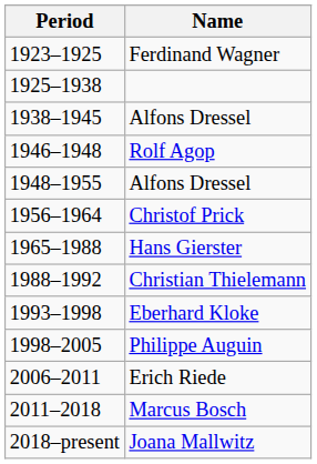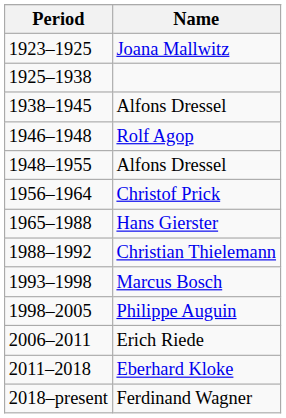 <table class="wikitable">
 <tr>
 </tr>
 <tr class="hintergrundfarbe6">
 <th>Period</th>
 <th>Name</th>
 </tr>
 <tr>
 <td>1923–1925</td>
-<td>Ferdinand Wagner</td>
+<td><a href='#'>Joana Mallwitz</a></td>
 </tr>
 <tr>
 <td>1925–1938</td>
 <td></td>
 </tr>
 <tr>
 <td>1938–1945</td>
 <td>Alfons Dressel</td>
 </tr>
 <tr>
 <td>1946–1948</td>
 <td><a href='#'>Rolf Agop</a></td>
 </tr>
 <tr>
 <td>1948–1955</td>
 <td>Alfons Dressel</td>
 </tr>
 <tr>
 <td>1956–1964</td>
 <td><a href='#'>Christof Prick</a></td>
 </tr>
 <tr>
 <td>1965–1988</td>
 <td><a href='#'>Hans Gierster</a></td>
 </tr>
 <tr>
 <td>1988–1992</td>
 <td><a href='#'>Christian Thielemann</a></td>
 </tr>
 <tr>
 <td>1993–1998</td>
-<td><a href='#'>Eberhard Kloke</a></td>
+<td><a href='#'>Marcus Bosch</a></td>
 </tr>
 <tr>
 <td>1998–2005</td>
 <td><a href='#'>Philippe Auguin</a></td>
 </tr>
 <tr>
 <td>2006–2011</td>
 <td>Erich Riede</td>
 </tr>
 <tr>
 <td>2011–2018</td>
-<td><a href='#'>Marcus Bosch</a></td>
+<td><a href='#'>Eberhard Kloke</a></td>
 </tr>
 <tr>
 <td>2018–present</td>
-<td><a href='#'>Joana Mallwitz</a></td>
+<td>Ferdinand Wagner</td>
 </tr>
 </table>
